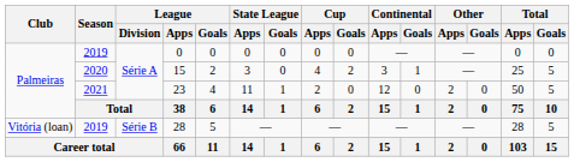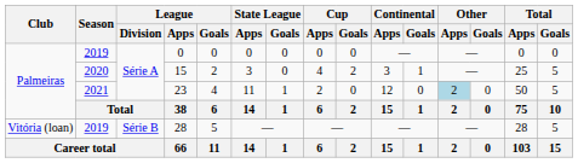 <table class="wikitable" style="text-align: center">
 <tr>
 <th rowspan="2">Club</th>
 <th rowspan="2">Season</th>
 <th colspan="3">League</th>
 <th colspan="2">State League</th>
 <th colspan="2">Cup</th>
 <th colspan="2">Continental</th>
 <th colspan="2">Other</th>
 <th colspan="2">Total</th>
 </tr>
 <tr>
 <th>Division</th>
 <th>Apps</th>
 <th>Goals</th>
 <th>Apps</th>
 <th>Goals</th>
 <th>Apps</th>
 <th>Goals</th>
 <th>Apps</th>
 <th>Goals</th>
 <th>Apps</th>
 <th>Goals</th>
 <th>Apps</th>
 <th>Goals</th>
 </tr>
 <tr>
 <td rowspan="4"><a href='#'>Palmeiras</a></td>
 <td><a href='#'>2019</a></td>
 <td rowspan="3"><a href='#'>Série A</a></td>
 <td>0</td>
 <td>0</td>
 <td>0</td>
 <td>0</td>
 <td>0</td>
 <td>0</td>
 <td colspan="2">—</td>
 <td colspan="2">—</td>
 <td>0</td>
 <td>0</td>
 </tr>
 <tr>
 <td><a href='#'>2020</a></td>
 <td>15</td>
 <td>2</td>
 <td>3</td>
 <td>0</td>
 <td>4</td>
 <td>2</td>
 <td>3</td>
 <td>1</td>
 <td colspan="2">—</td>
 <td>25</td>
 <td>5</td>
 </tr>
 <tr>
 <td><a href='#'>2021</a></td>
 <td>23</td>
 <td>4</td>
 <td>11</td>
 <td>1</td>
 <td>2</td>
 <td>0</td>
 <td>12</td>
 <td>0</td>
-<td>2</td>
+<td style="background: lightblue;">2</td>
 <td>0</td>
 <td>50</td>
 <td>5</td>
 </tr>
 <tr>
 <th colspan="2">Total</th>
 <th>38</th>
 <th>6</th>
 <th>14</th>
 <th>1</th>
 <th>6</th>
 <th>2</th>
 <th>15</th>
 <th>1</th>
 <th>2</th>
 <th>0</th>
 <th>75</th>
 <th>10</th>
 </tr>
 <tr>
 <td><a href='#'>Vitória</a> (loan)</td>
 <td><a href='#'>2019</a></td>
 <td><a href='#'>Série B</a></td>
 <td>28</td>
 <td>5</td>
 <td colspan="2">—</td>
 <td colspan="2">—</td>
 <td colspan="2">—</td>
 <td colspan="2">—</td>
 <td>28</td>
 <td>5</td>
 </tr>
 <tr>
 <th colspan="3"><strong>Career total</strong></th>
 <th>66</th>
 <th>11</th>
 <th>14</th>
 <th>1</th>
 <th>6</th>
 <th>2</th>
 <th>15</th>
 <th>1</th>
 <th>2</th>
 <th>0</th>
 <th>103</th>
 <th>15</th>
 </tr>
 </table>
